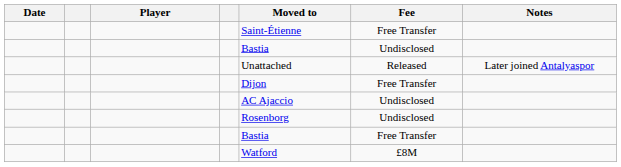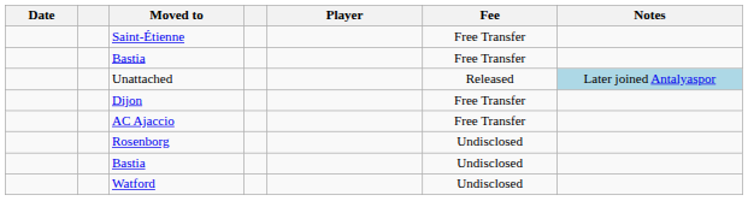 <table class="wikitable sortable">
 <tr>
 <th style="width:80px;">Date</th>
 <th style="width:30px;"></th>
+<th style="width:155px;">Moved to</th>
+<th style="width:20px;"></th>
 <th style="width:180px;">Player</th>
-<th style="width:20px;"></th>
-<th style="width:155px;">Moved to</th>
 <th style="width:155px;" class="unsortable">Fee</th>
 <th style="width:215px;" class="unsortable">Notes</th>
 </tr>
 <tr>
 <td></td>
 <td align=center></td>
+<td> <a href='#'>Saint-Étienne</a></td>
+<td></td>
 <td> </td>
-<td></td>
-<td> <a href='#'>Saint-Étienne</a></td>
 <td align=center>Free Transfer</td>
 <td align=center></td>
 </tr>
 <tr>
 <td></td>
 <td align=center></td>
+<td> <a href='#'>Bastia</a></td>
+<td></td>
 <td> </td>
+<td align=center>Free Transfer</td>
+<td align=center></td>
+</tr>
+<tr>
 <td></td>
-<td> <a href='#'>Bastia</a></td>
+<td align=center></td>
+<td>Unattached</td>
+<td></td>
+<td> </td>
+<td align=center>Released</td>
+<td align=center style="background: lightblue;">Later joined  <a href='#'>Antalyaspor</a></td>
+</tr>
+<tr>
+<td></td>
+<td align=center></td>
+<td> <a href='#'>Dijon</a></td>
+<td></td>
+<td> </td>
+<td align=center>Free Transfer</td>
+<td align=center></td>
+</tr>
+<tr>
+<td></td>
+<td align=center></td>
+<td> <a href='#'>AC Ajaccio</a></td>
+<td></td>
+<td> </td>
+<td align=center>Free Transfer</td>
+<td align=center></td>
+</tr>
+<tr>
+<td></td>
+<td align=center></td>
+<td> <a href='#'>Rosenborg</a></td>
+<td></td>
+<td> </td>
 <td align=center>Undisclosed</td>
 <td align=center></td>
 </tr>
 <tr>
 <td></td>
 <td align=center></td>
+<td> <a href='#'>Bastia</a></td>
+<td></td>
 <td> </td>
-<td></td>
-<td>Unattached</td>
-<td align=center>Released</td>
-<td align=center>Later joined  <a href='#'>Antalyaspor</a></td>
-</tr>
-<tr>
-<td></td>
-<td align=center></td>
-<td> </td>
-<td></td>
-<td> <a href='#'>Dijon</a></td>
-<td align=center>Free Transfer</td>
-<td align=center></td>
-</tr>
-<tr>
-<td></td>
-<td align=center></td>
-<td> </td>
-<td></td>
-<td> <a href='#'>AC Ajaccio</a></td>
 <td align=center>Undisclosed</td>
 <td align=center></td>
 </tr>
 <tr>
 <td></td>
 <td align=center></td>
+<td> <a href='#'>Watford</a></td>
+<td></td>
 <td> </td>
-<td></td>
-<td> <a href='#'>Rosenborg</a></td>
 <td align=center>Undisclosed</td>
 <td align=center></td>
 </tr>
-<tr>
-<td></td>
-<td align=center></td>
-<td> </td>
-<td></td>
-<td> <a href='#'>Bastia</a></td>
-<td align=center>Free Transfer</td>
-<td align=center></td>
-</tr>
-<tr>
-<td></td>
-<td align=center></td>
-<td> </td>
-<td></td>
-<td> <a href='#'>Watford</a></td>
-<td align=center>£8M</td>
-<td align=center></td>
-</tr>
 </table>
